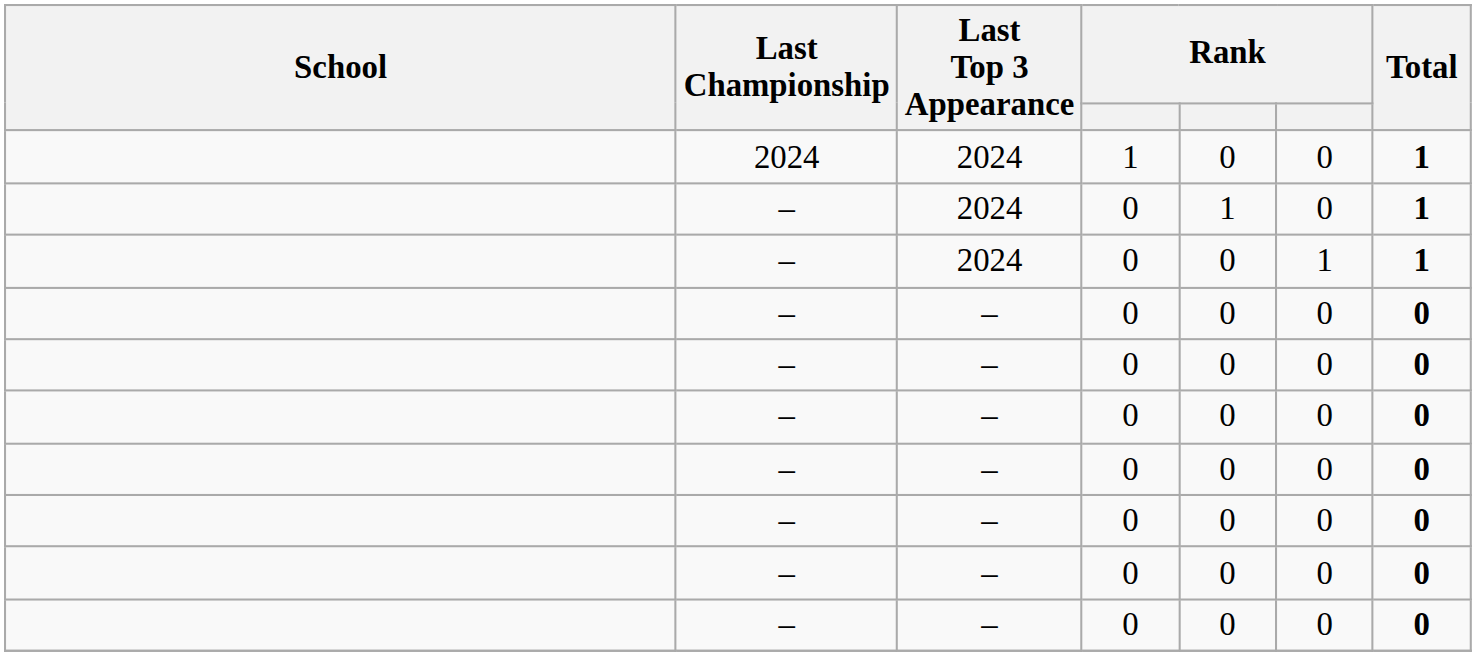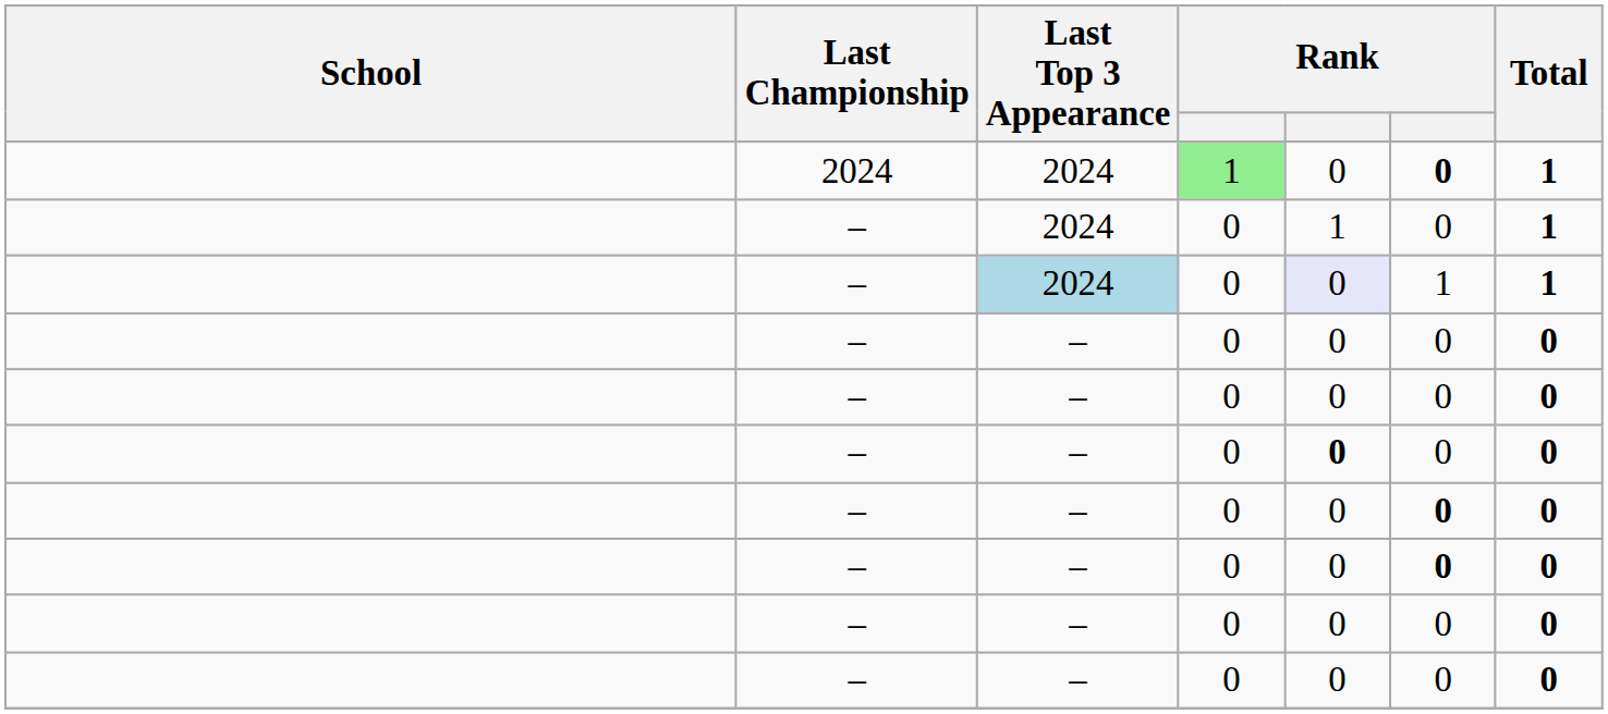 <table class="wikitable" style="text align: center">
 <tr bgcolor="#efefef">
 <th rowspan=2 width=320>School</th>
 <th rowspan=2>Last<br>Championship</th>
 <th rowspan=2>Last<br>Top 3<br>Appearance</th>
 <th colspan=3>Rank</th>
 <th rowspan=2 width=40px>Total</th>
 </tr>
 <tr>
 <th width=40px></th>
 <th width=40px></th>
 <th width=40px></th>
 </tr>
 <tr>
 <td></td>
 <td align="center">2024</td>
 <td align="center">2024</td>
-<td align="center">1</td>
+<td align="center" style="background: lightgreen;">1</td>
 <td align="center">0</td>
-<td align="center">0</td>
+<td align="center"><strong>0</strong></td>
 <td align="center"><strong>1</strong></td>
 </tr>
 <tr>
 <td></td>
 <td align="center">–</td>
 <td align="center">2024</td>
 <td align="center">0</td>
 <td align="center">1</td>
 <td align="center">0</td>
 <td align="center"><strong>1</strong></td>
 </tr>
 <tr>
 <td></td>
 <td align="center">–</td>
-<td align="center">2024</td>
+<td align="center" style="background: lightblue;">2024</td>
 <td align="center">0</td>
-<td align="center">0</td>
+<td align="center" style="background: lavender;">0</td>
 <td align="center">1</td>
 <td align="center"><strong>1</strong></td>
 </tr>
 <tr>
 <td></td>
 <td align="center">–</td>
 <td align="center">–</td>
 <td align="center">0</td>
 <td align="center">0</td>
 <td align="center">0</td>
 <td align="center"><strong>0</strong></td>
 </tr>
 <tr>
 <td></td>
 <td align="center">–</td>
 <td align="center">–</td>
 <td align="center">0</td>
 <td align="center">0</td>
 <td align="center">0</td>
 <td align="center"><strong>0</strong></td>
 </tr>
 <tr>
 <td></td>
 <td align="center">–</td>
 <td align="center">–</td>
 <td align="center">0</td>
-<td align="center">0</td>
+<td align="center"><strong>0</strong></td>
 <td align="center">0</td>
 <td align="center"><strong>0</strong></td>
 </tr>
 <tr>
 <td></td>
 <td align="center">–</td>
 <td align="center">–</td>
 <td align="center">0</td>
 <td align="center">0</td>
-<td align="center">0</td>
+<td align="center"><strong>0</strong></td>
 <td align="center"><strong>0</strong></td>
 </tr>
 <tr>
 <td></td>
 <td align="center">–</td>
 <td align="center">–</td>
 <td align="center">0</td>
 <td align="center">0</td>
-<td align="center">0</td>
+<td align="center"><strong>0</strong></td>
 <td align="center"><strong>0</strong></td>
 </tr>
 <tr>
 <td></td>
 <td align="center">–</td>
 <td align="center">–</td>
 <td align="center">0</td>
 <td align="center">0</td>
 <td align="center">0</td>
 <td align="center"><strong>0</strong></td>
 </tr>
 <tr>
 <td></td>
 <td align="center">–</td>
 <td align="center">–</td>
 <td align="center">0</td>
 <td align="center">0</td>
 <td align="center">0</td>
 <td align="center"><strong>0</strong></td>
 </tr>
 <tr>
 </tr>
 </table>
